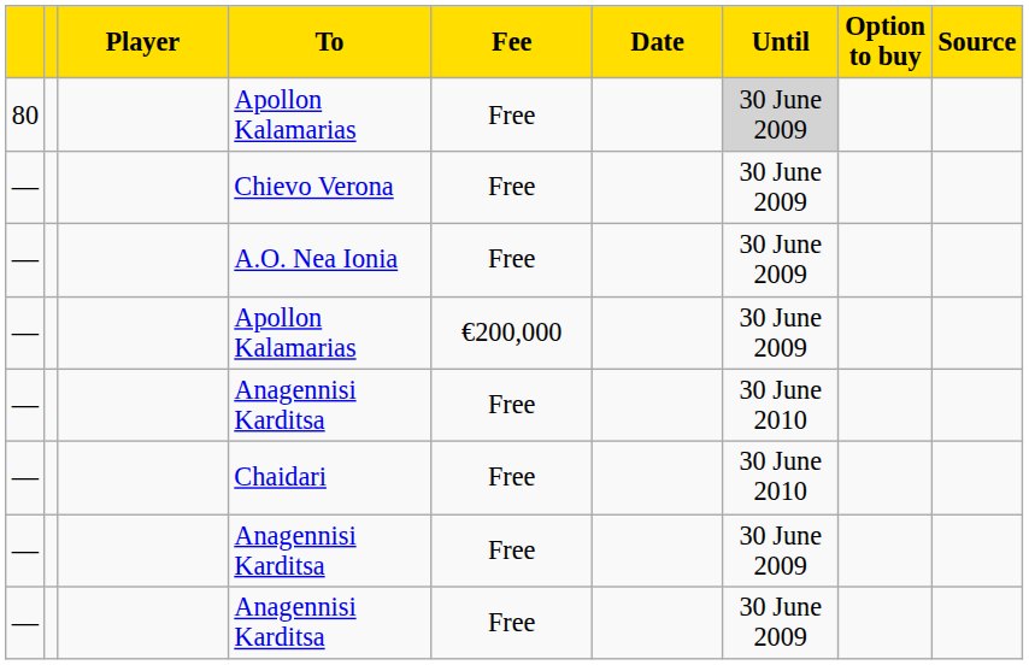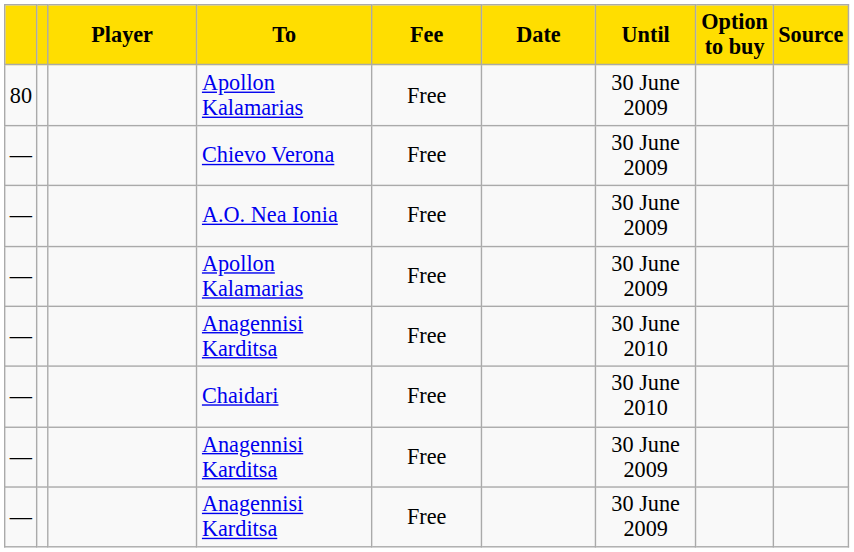 <table class="wikitable sortable">
 <tr>
 <th style="background:#FFDE00"></th>
 <th style="background:#FFDE00"></th>
 <th width=200 style="background:#FFDE00">Player</th>
 <th width=200 style="background:#FFDE00">To</th>
 <th width=150 style="background:#FFDE00">Fee</th>
 <th width=150 style="background:#FFDE00">Date</th>
 <th width=120 style="background:#FFDE00">Until</th>
 <th style="background:#FFDE00">Option to buy</th>
 <th style="background:#FFDE00">Source</th>
 </tr>
 <tr>
 <td align=center>80</td>
 <td align=center></td>
 <td></td>
 <td> <a href='#'>Apollon Kalamarias</a></td>
 <td align=center>Free</td>
 <td align=center></td>
-<td align=center style="background: lightgrey;">30 June 2009</td>
+<td align=center>30 June 2009</td>
 <td align=center></td>
 <td align=center></td>
 </tr>
 <tr>
 <td align=center>—</td>
 <td align=center></td>
 <td></td>
 <td> <a href='#'>Chievo Verona</a></td>
 <td align=center>Free</td>
 <td align=center></td>
 <td align=center>30 June 2009</td>
 <td align=center></td>
 <td align=center></td>
 </tr>
 <tr>
 <td align=center>—</td>
 <td align=center></td>
 <td></td>
 <td> <a href='#'>A.O. Nea Ionia</a></td>
 <td align=center>Free</td>
 <td align=center></td>
 <td align=center>30 June 2009</td>
 <td align=center></td>
 <td align=center></td>
 </tr>
 <tr>
 <td align=center>—</td>
 <td align=center></td>
 <td></td>
 <td> <a href='#'>Apollon Kalamarias</a></td>
-<td align=center>€200,000</td>
+<td align=center>Free</td>
 <td align=center></td>
 <td align=center>30 June 2009</td>
 <td align=center></td>
 <td align=center></td>
 </tr>
 <tr>
 <td align=center>—</td>
 <td align=center></td>
 <td></td>
 <td> <a href='#'>Anagennisi Karditsa</a></td>
 <td align=center>Free</td>
 <td align=center></td>
 <td align=center>30 June 2010</td>
 <td align=center></td>
 <td align=center></td>
 </tr>
 <tr>
 <td align=center>—</td>
 <td align=center></td>
 <td></td>
 <td> <a href='#'>Chaidari</a></td>
 <td align=center>Free</td>
 <td align=center></td>
 <td align=center>30 June 2010</td>
 <td align=center></td>
 <td align=center></td>
 </tr>
 <tr>
 <td align=center>—</td>
 <td align=center></td>
 <td></td>
 <td> <a href='#'>Anagennisi Karditsa</a></td>
 <td align=center>Free</td>
 <td align=center></td>
 <td align=center>30 June 2009</td>
 <td align=center></td>
 <td align=center></td>
 </tr>
 <tr>
 <td align=center>—</td>
 <td align=center></td>
 <td></td>
 <td> <a href='#'>Anagennisi Karditsa</a></td>
 <td align=center>Free</td>
 <td align=center></td>
 <td align=center>30 June 2009</td>
 <td align=center></td>
 <td align=center></td>
 </tr>
 </table>
